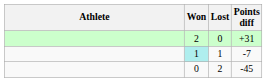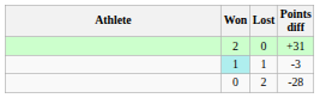 <table class="wikitable">
 <tr>
 <th style="width:18em">Athlete</th>
 <th>Won</th>
 <th>Lost</th>
 <th>Points<br>diff</th>
 </tr>
 <tr bgcolor="#ccffcc">
 <td></td>
 <td align="center">2</td>
 <td align="center">0</td>
 <td align="center">+31</td>
 </tr>
 <tr>
 <td></td>
 <td align="center" style="background: paleturquoise;">1</td>
 <td align="center">1</td>
-<td align="center">-7</td>
+<td align="center">-3</td>
 </tr>
 <tr>
 <td></td>
 <td align="center">0</td>
 <td align="center">2</td>
-<td align="center">-45</td>
+<td align="center">-28</td>
 </tr>
 </table>
